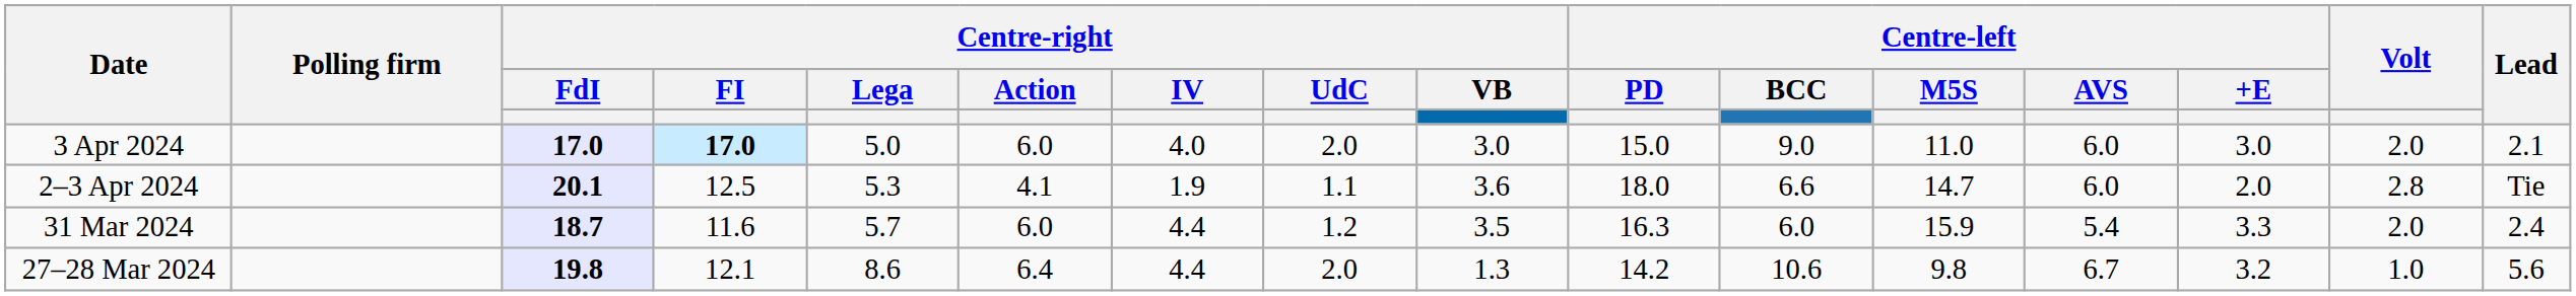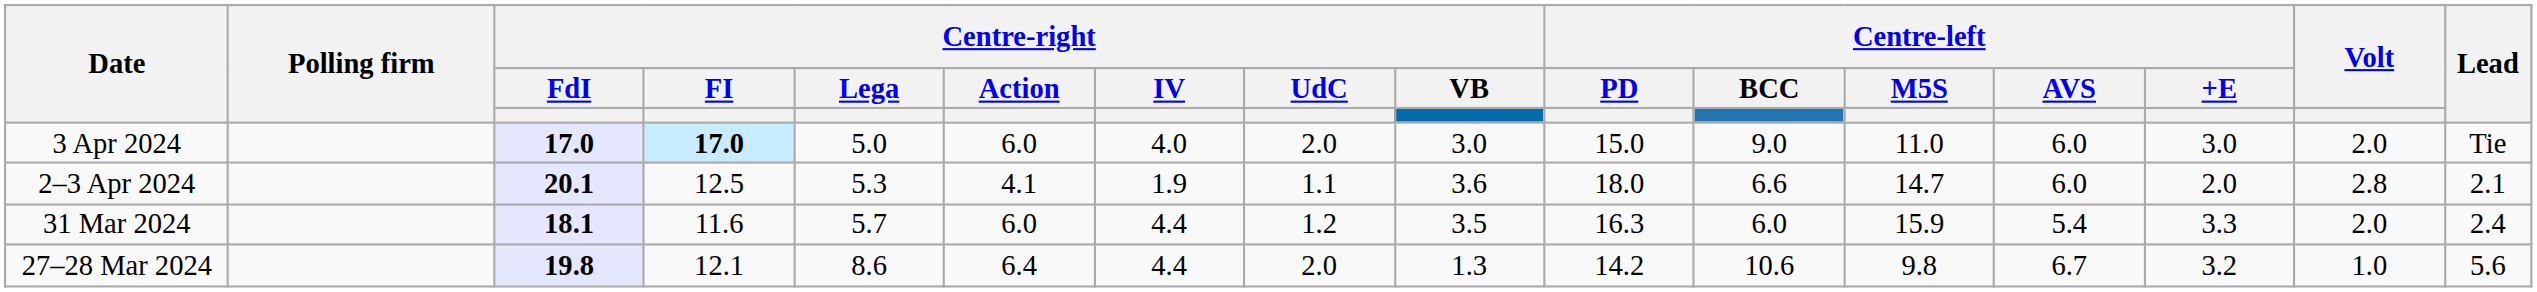 <table class="wikitable collapsible" style="text-align:center;font-size:85%;line-height:13px">
 <tr style="height:30px; background-color:#E9E9E9">
 <th style="width:100px;" rowspan="3">Date</th>
 <th style="width:120px;" rowspan="3">Polling firm</th>
 <th colspan=7><a href='#'>Centre-right</a></th>
 <th colspan=5><a href='#'>Centre-left</a></th>
 <th style="width:65px;" rowspan=2><a href='#'>Volt</a></th>
 <th style="width:35px;" rowspan="3">Lead</th>
 </tr>
 <tr>
 <th style="width:65px;"><a href='#'>FdI</a></th>
 <th style="width:65px;"><a href='#'>FI</a></th>
 <th style="width:65px;"><a href='#'>Lega</a></th>
 <th style="width:65px;"><a href='#'>Action</a></th>
 <th style="width:65px;"><a href='#'>IV</a></th>
 <th style="width:65px;"><a href='#'>UdC</a></th>
 <th style="width:65px;">VB</th>
 <th style="width:65px;"><a href='#'>PD</a></th>
 <th style="width:65px;">BCC</th>
 <th style="width:65px;"><a href='#'>M5S</a></th>
 <th style="width:65px;"><a href='#'>AVS</a></th>
 <th style="width:65px;"><a href='#'>+E</a></th>
 </tr>
 <tr>
 <th style="background:"></th>
 <th style="background:"></th>
 <th style="background:"></th>
 <th style="background:"></th>
 <th style="background:"></th>
 <th style="background-color:"></th>
 <td bgcolor="#036aac"></td>
 <th style="background:"></th>
 <td style="background-color:#2175b2"></td>
 <th style="background:"></th>
 <th style="background:"></th>
 <th style="background:"></th>
 <th style="background:"></th>
 </tr>
 <tr>
 <td>3 Apr 2024</td>
 <td></td>
 <td style="background:#E5E7FF;"><strong>17.0</strong></td>
 <td style="background:#C8EBFF;"><strong>17.0</strong></td>
 <td>5.0</td>
 <td>6.0</td>
 <td>4.0</td>
 <td>2.0</td>
 <td>3.0</td>
 <td>15.0</td>
 <td>9.0</td>
 <td>11.0</td>
 <td>6.0</td>
 <td>3.0</td>
 <td>2.0</td>
-<td style="background:">2.1</td>
+<td>Tie</td>
 </tr>
 <tr>
 <td>2–3 Apr 2024</td>
 <td></td>
 <td style="background:#E5E7FF;"><strong>20.1</strong></td>
 <td>12.5</td>
 <td>5.3</td>
 <td>4.1</td>
 <td>1.9</td>
 <td>1.1</td>
 <td>3.6</td>
 <td>18.0</td>
 <td>6.6</td>
 <td>14.7</td>
 <td>6.0</td>
 <td>2.0</td>
 <td>2.8</td>
-<td>Tie</td>
+<td style="background:">2.1</td>
 </tr>
 <tr>
 <td>31 Mar 2024</td>
 <td></td>
-<td style="background:#E5E7FF;"><strong>18.7</strong></td>
+<td style="background:#E5E7FF;"><strong>18.1</strong></td>
 <td>11.6</td>
 <td>5.7</td>
 <td>6.0</td>
 <td>4.4</td>
 <td>1.2</td>
 <td>3.5</td>
 <td>16.3</td>
 <td>6.0</td>
 <td>15.9</td>
 <td>5.4</td>
 <td>3.3</td>
 <td>2.0</td>
 <td style="background:">2.4</td>
 </tr>
 <tr>
 <td>27–28 Mar 2024</td>
 <td></td>
 <td style="background:#E5E7FF;"><strong>19.8</strong></td>
 <td>12.1</td>
 <td>8.6</td>
 <td>6.4</td>
 <td>4.4</td>
 <td>2.0</td>
 <td>1.3</td>
 <td>14.2</td>
 <td>10.6</td>
 <td>9.8</td>
 <td>6.7</td>
 <td>3.2</td>
 <td>1.0</td>
 <td style="background:">5.6</td>
 </tr>
 </table>
